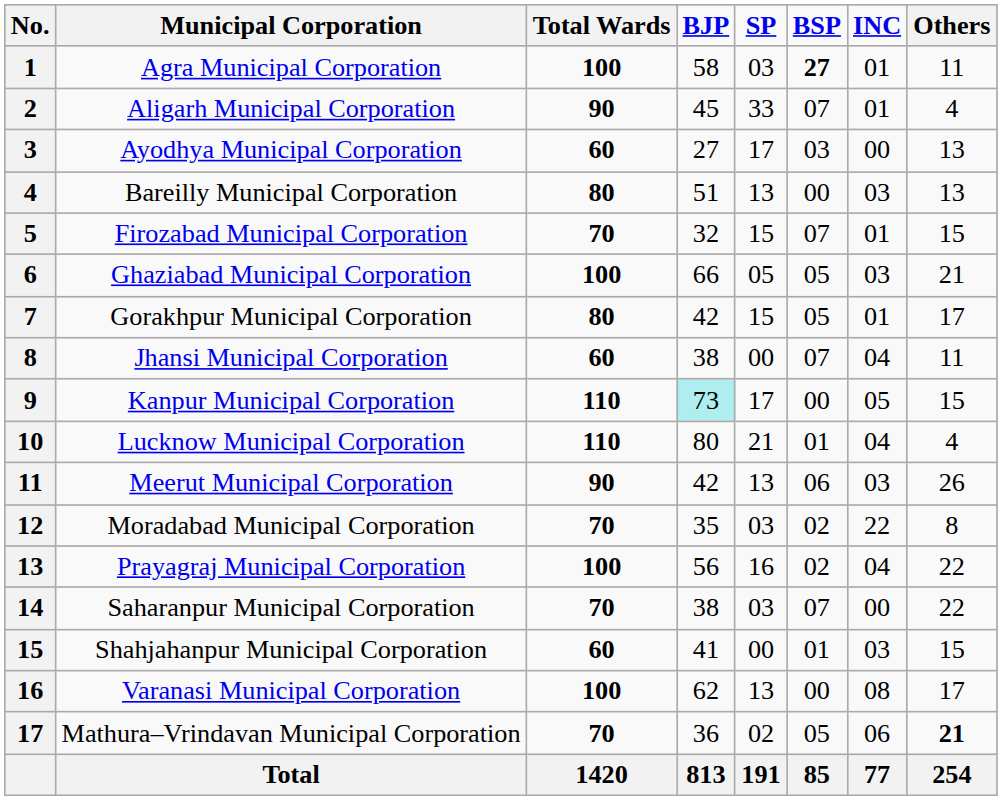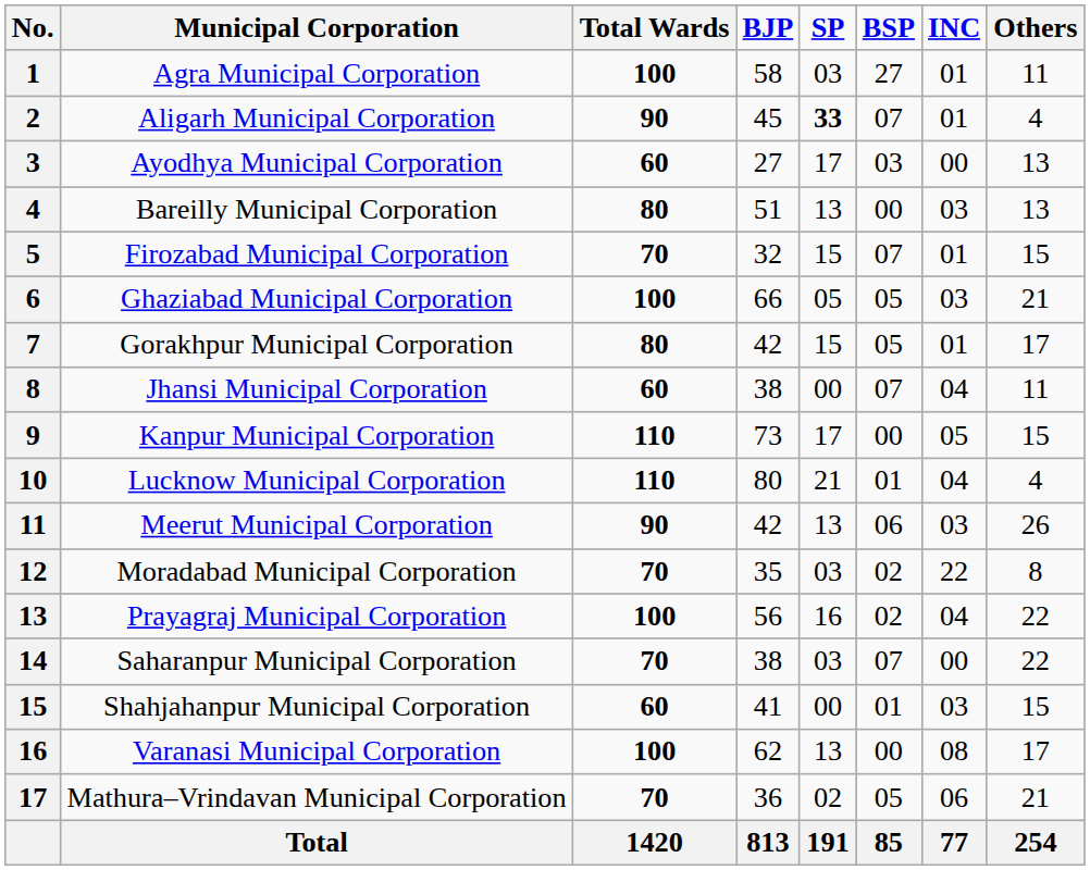 <table class="wikitable sortable" style="text-align:center">
 <tr>
 <th align="Centre">No.</th>
 <th align="Centre">Municipal Corporation</th>
 <th align="Centre">Total Wards</th>
 <td><a href='#'><span><strong>BJP</strong></span></a></td>
 <td><a href='#'><span><strong>SP</strong></span></a></td>
 <td><a href='#'><span><strong>BSP</strong></span></a></td>
 <td><a href='#'><span><strong>INC</strong></span></a></td>
 <th>Others</th>
 </tr>
 <tr>
 <th>1</th>
 <td><a href='#'>Agra Municipal Corporation</a></td>
 <td><strong>100</strong></td>
 <td>58</td>
 <td>03</td>
-<td><strong>27</strong></td>
+<td>27</td>
 <td>01</td>
 <td>11</td>
 </tr>
 <tr>
 <th>2</th>
 <td><a href='#'>Aligarh Municipal Corporation</a></td>
 <td><strong>90</strong></td>
 <td>45</td>
-<td>33</td>
+<td><strong>33</strong></td>
 <td>07</td>
 <td>01</td>
 <td>4</td>
 </tr>
 <tr>
 <th>3</th>
 <td><a href='#'>Ayodhya Municipal Corporation</a></td>
 <td><strong>60</strong></td>
 <td>27</td>
 <td>17</td>
 <td>03</td>
 <td>00</td>
 <td>13</td>
 </tr>
 <tr>
 <th>4</th>
 <td>Bareilly Municipal Corporation</td>
 <td><strong>80</strong></td>
 <td>51</td>
 <td>13</td>
 <td>00</td>
 <td>03</td>
 <td>13</td>
 </tr>
 <tr>
 <th>5</th>
 <td><a href='#'>Firozabad Municipal Corporation</a></td>
 <td><strong>70</strong></td>
 <td>32</td>
 <td>15</td>
 <td>07</td>
 <td>01</td>
 <td>15</td>
 </tr>
 <tr>
 <th>6</th>
 <td><a href='#'>Ghaziabad Municipal Corporation</a></td>
 <td><strong>100</strong></td>
 <td>66</td>
 <td>05</td>
 <td>05</td>
 <td>03</td>
 <td>21</td>
 </tr>
 <tr>
 <th>7</th>
 <td>Gorakhpur Municipal Corporation</td>
 <td><strong>80</strong></td>
 <td>42</td>
 <td>15</td>
 <td>05</td>
 <td>01</td>
 <td>17</td>
 </tr>
 <tr>
 <th>8</th>
 <td><a href='#'>Jhansi Municipal Corporation</a></td>
 <td><strong>60</strong></td>
 <td>38</td>
 <td>00</td>
 <td>07</td>
 <td>04</td>
 <td>11</td>
 </tr>
 <tr>
 <th>9</th>
 <td><a href='#'>Kanpur Municipal Corporation</a></td>
 <td><strong>110</strong></td>
-<td style="background: paleturquoise;">73</td>
+<td>73</td>
 <td>17</td>
 <td>00</td>
 <td>05</td>
 <td>15</td>
 </tr>
 <tr>
 <th>10</th>
 <td><a href='#'>Lucknow Municipal Corporation</a></td>
 <td><strong>110</strong></td>
 <td>80</td>
 <td>21</td>
 <td>01</td>
 <td>04</td>
 <td>4</td>
 </tr>
 <tr>
 <th>11</th>
 <td><a href='#'>Meerut Municipal Corporation</a></td>
 <td><strong>90</strong></td>
 <td>42</td>
 <td>13</td>
 <td>06</td>
 <td>03</td>
 <td>26</td>
 </tr>
 <tr>
 <th>12</th>
 <td>Moradabad Municipal Corporation</td>
 <td><strong>70</strong></td>
 <td>35</td>
 <td>03</td>
 <td>02</td>
 <td>22</td>
 <td>8</td>
 </tr>
 <tr>
 <th>13</th>
 <td><a href='#'>Prayagraj Municipal Corporation</a></td>
 <td><strong>100</strong></td>
 <td>56</td>
 <td>16</td>
 <td>02</td>
 <td>04</td>
 <td>22</td>
 </tr>
 <tr>
 <th>14</th>
 <td>Saharanpur Municipal Corporation</td>
 <td><strong>70</strong></td>
 <td>38</td>
 <td>03</td>
 <td>07</td>
 <td>00</td>
 <td>22</td>
 </tr>
 <tr>
 <th>15</th>
 <td>Shahjahanpur Municipal Corporation</td>
 <td><strong>60</strong></td>
 <td>41</td>
 <td>00</td>
 <td>01</td>
 <td>03</td>
 <td>15</td>
 </tr>
 <tr>
 <th>16</th>
 <td><a href='#'>Varanasi Municipal Corporation</a></td>
 <td><strong>100</strong></td>
 <td>62</td>
 <td>13</td>
 <td>00</td>
 <td>08</td>
 <td>17</td>
 </tr>
 <tr>
 <th>17</th>
 <td>Mathura–Vrindavan Municipal Corporation</td>
 <td><strong>70</strong></td>
 <td>36</td>
 <td>02</td>
 <td>05</td>
 <td>06</td>
-<td><strong>21</strong></td>
+<td>21</td>
 </tr>
 <tr>
 <th align="Centre"></th>
 <th align="Centre">Total</th>
 <th align="Centre">1420</th>
 <th align="Centre">813</th>
 <th align="Centre">191</th>
 <th align="Centre">85</th>
 <th align="Centre">77</th>
 <th align="Centre">254</th>
 </tr>
 </table>
